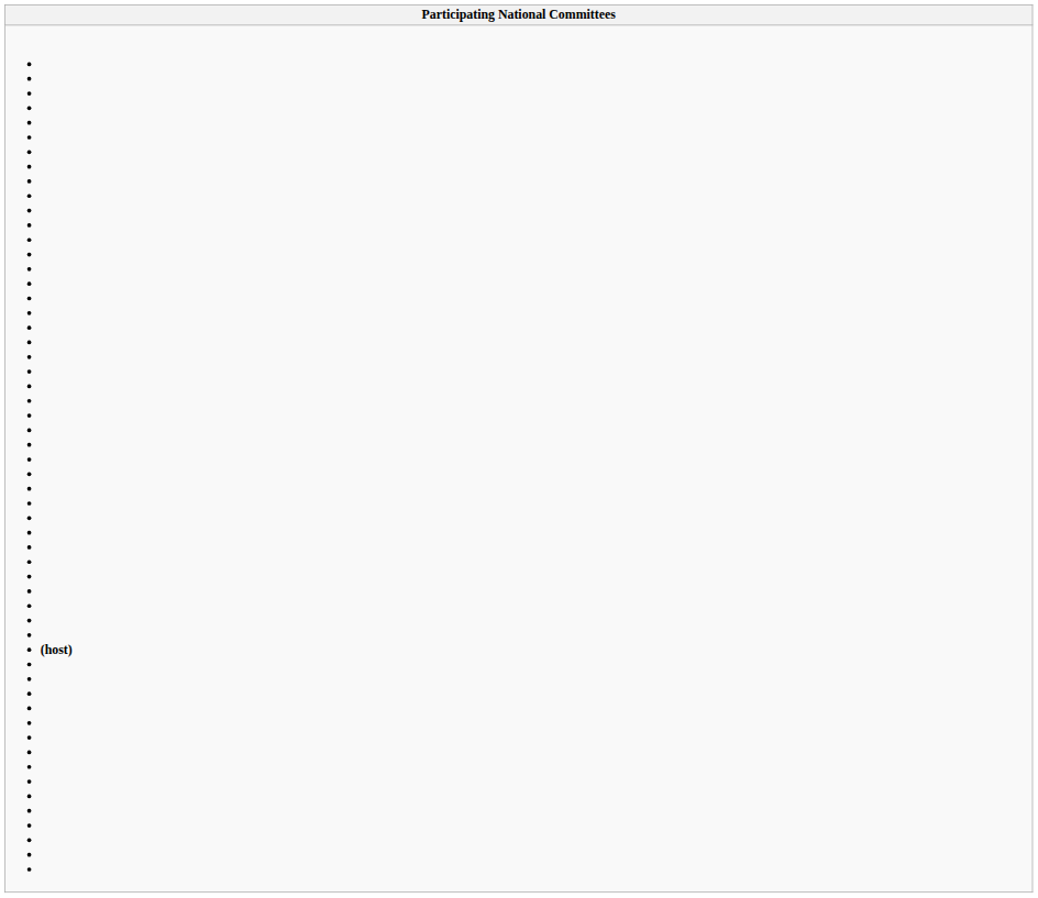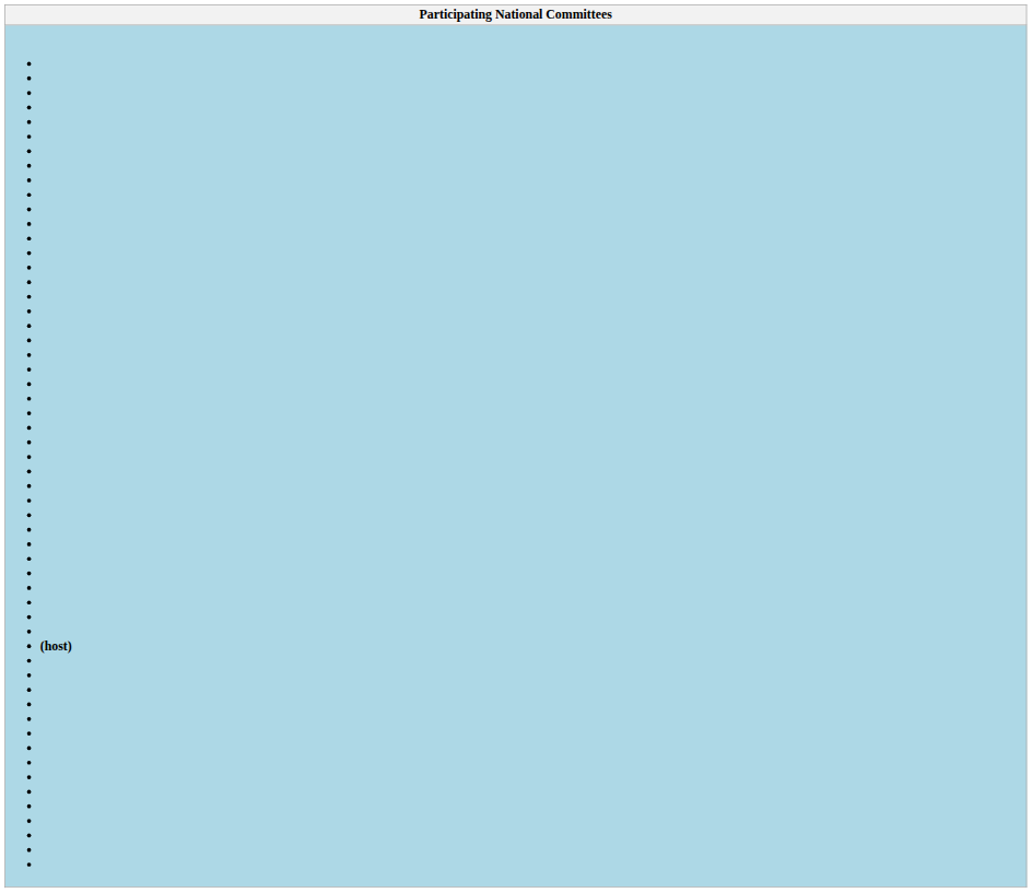 <table class="wikitable collapsible" style="width:100%;">
 <tr>
 <th>Participating National Committees</th>
 </tr>
 <tr>
-<td><br><ul><li></li><li></li><li></li><li></li><li></li><li></li><li></li><li></li><li></li><li></li><li></li><li></li><li></li><li></li><li></li><li></li><li></li><li></li><li></li><li></li><li></li><li></li><li></li><li></li><li></li><li></li><li></li><li></li><li></li><li></li><li></li><li></li><li></li><li></li><li></li><li></li><li></li><li></li><li></li><li></li><li> <strong>(host)</strong></li><li></li><li></li><li></li><li></li><li></li><li></li><li></li><li></li><li></li><li></li><li></li><li></li><li></li><li></li><li></li></ul></td>
+<td style="background: lightblue;"><br><ul><li></li><li></li><li></li><li></li><li></li><li></li><li></li><li></li><li></li><li></li><li></li><li></li><li></li><li></li><li></li><li></li><li></li><li></li><li></li><li></li><li></li><li></li><li></li><li></li><li></li><li></li><li></li><li></li><li></li><li></li><li></li><li></li><li></li><li></li><li></li><li></li><li></li><li></li><li></li><li></li><li> <strong>(host)</strong></li><li></li><li></li><li></li><li></li><li></li><li></li><li></li><li></li><li></li><li></li><li></li><li></li><li></li><li></li><li></li></ul></td>
 </tr>
 </table>
